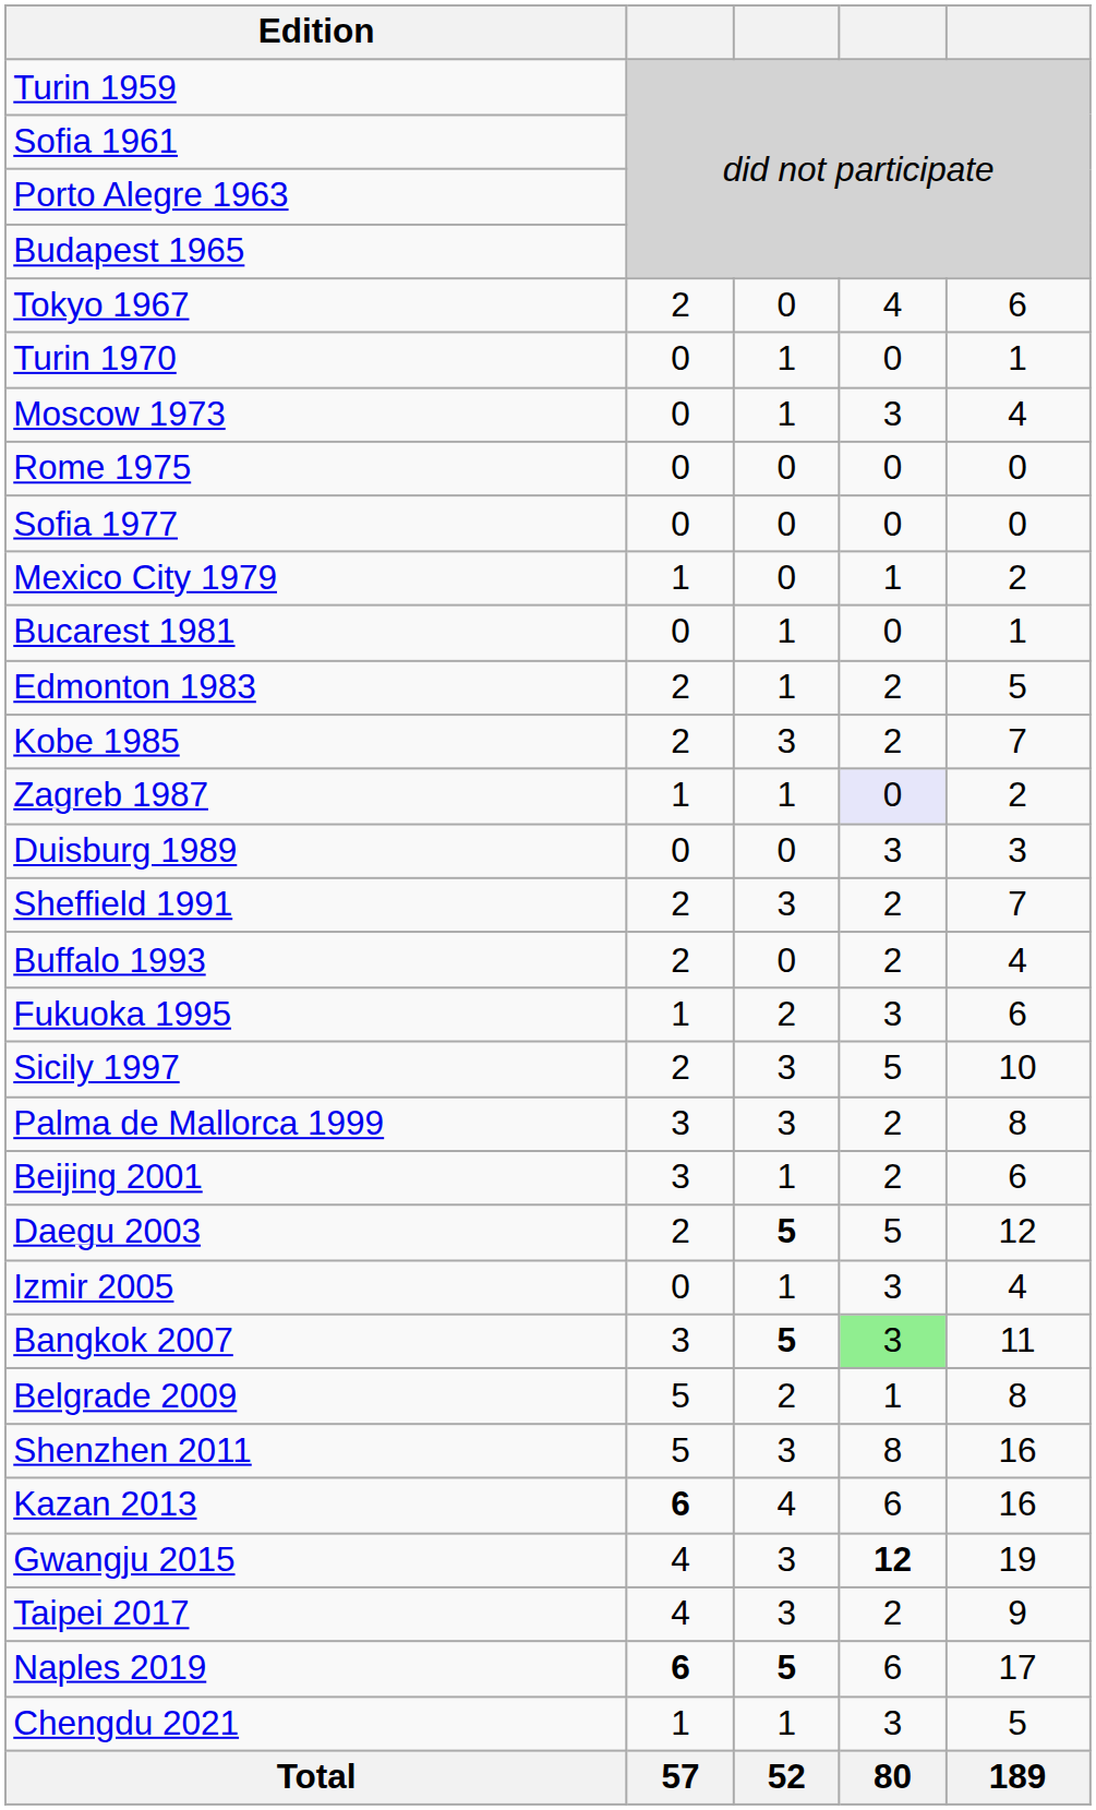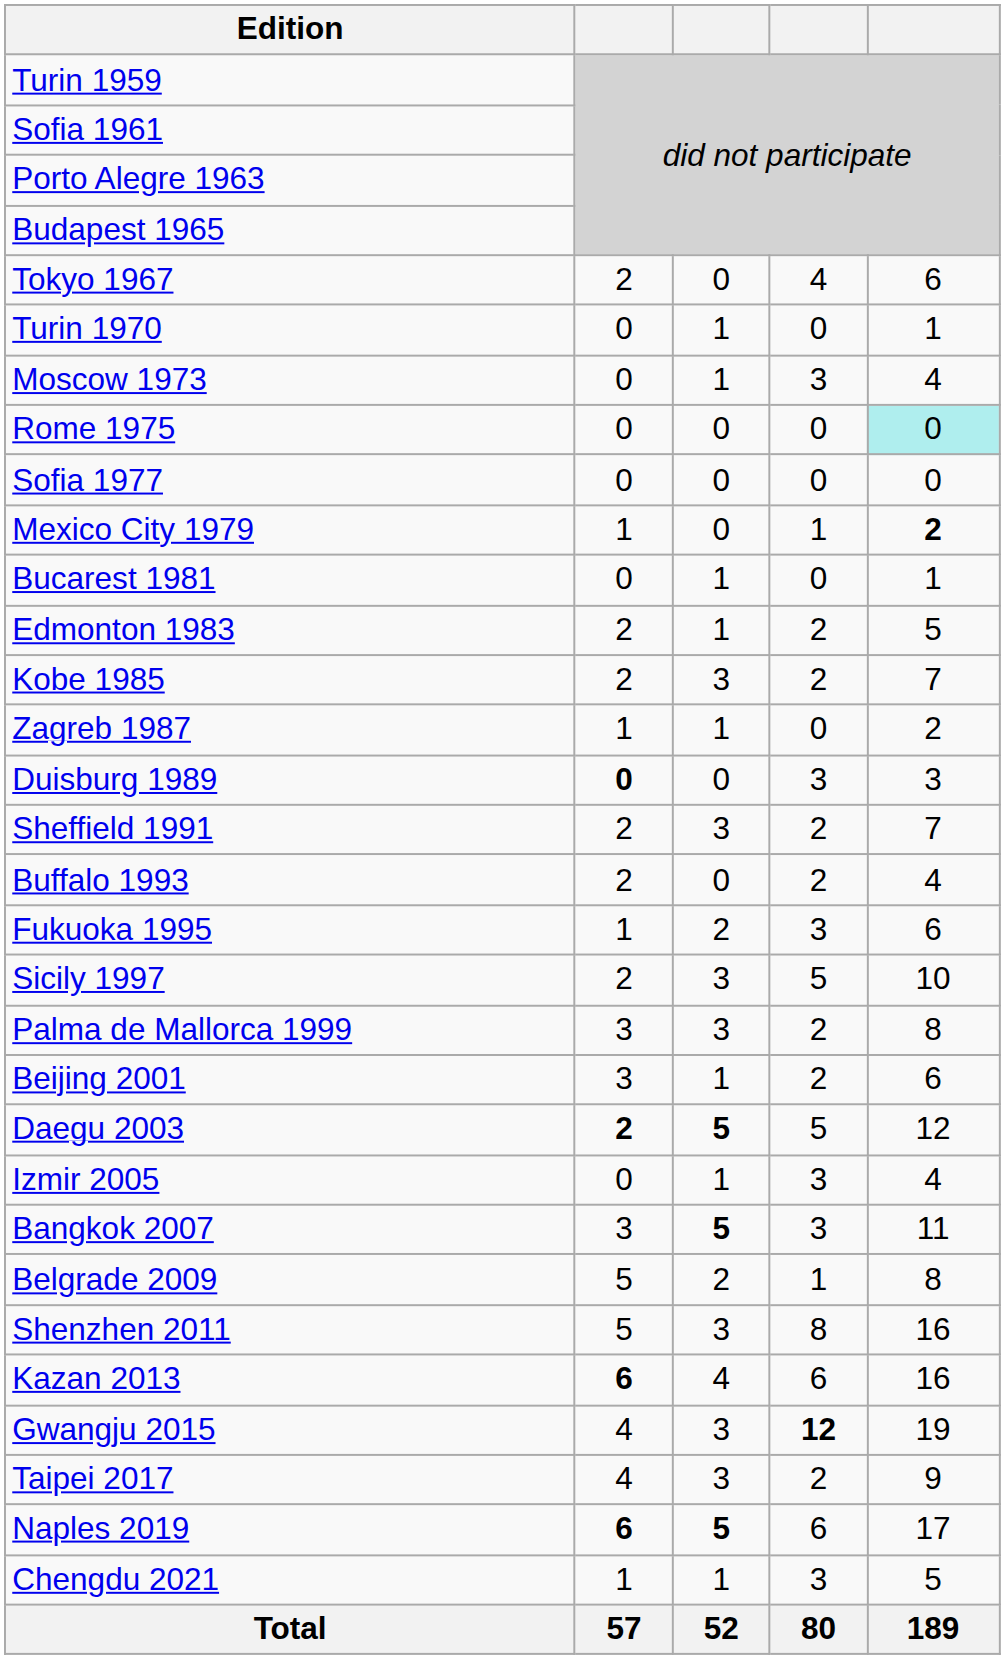 <table class="wikitable" width=40% style="font-size:100%; text-align:center;">
 <tr>
 <th>Edition</th>
 <th></th>
 <th></th>
 <th></th>
 <th></th>
 </tr>
 <tr>
 <td align=left> <a href='#'>Turin 1959</a></td>
 <td rowspan=4 colspan=4 bgcolor=lightgrey><em>did not participate</em></td>
 </tr>
 <tr>
 <td align=left> <a href='#'>Sofia 1961</a></td>
 </tr>
 <tr>
 <td align=left> <a href='#'>Porto Alegre 1963</a></td>
 </tr>
 <tr>
 <td align=left> <a href='#'>Budapest 1965</a></td>
 </tr>
 <tr>
 <td align=left> <a href='#'>Tokyo 1967</a></td>
 <td>2</td>
 <td>0</td>
 <td>4</td>
 <td>6</td>
 </tr>
 <tr>
 <td align=left> <a href='#'>Turin 1970</a></td>
 <td>0</td>
 <td>1</td>
 <td>0</td>
 <td>1</td>
 </tr>
 <tr>
 <td align=left> <a href='#'>Moscow 1973</a></td>
 <td>0</td>
 <td>1</td>
 <td>3</td>
 <td>4</td>
 </tr>
 <tr>
 <td align=left> <a href='#'>Rome 1975</a></td>
 <td>0</td>
 <td>0</td>
 <td>0</td>
-<td>0</td>
+<td style="background: paleturquoise;">0</td>
 </tr>
 <tr>
 <td align=left> <a href='#'>Sofia 1977</a></td>
 <td>0</td>
 <td>0</td>
 <td>0</td>
 <td>0</td>
 </tr>
 <tr>
 <td align=left> <a href='#'>Mexico City 1979</a></td>
 <td>1</td>
 <td>0</td>
 <td>1</td>
-<td>2</td>
+<td><strong>2</strong></td>
 </tr>
 <tr>
 <td align=left> <a href='#'>Bucarest 1981</a></td>
 <td>0</td>
 <td>1</td>
 <td>0</td>
 <td>1</td>
 </tr>
 <tr>
 <td align=left> <a href='#'>Edmonton 1983</a></td>
 <td>2</td>
 <td>1</td>
 <td>2</td>
 <td>5</td>
 </tr>
 <tr>
 <td align=left> <a href='#'>Kobe 1985</a></td>
 <td>2</td>
 <td>3</td>
 <td>2</td>
 <td>7</td>
 </tr>
 <tr>
 <td align=left> <a href='#'>Zagreb 1987</a></td>
 <td>1</td>
 <td>1</td>
-<td style="background: lavender;">0</td>
+<td>0</td>
 <td>2</td>
 </tr>
 <tr>
 <td align=left> <a href='#'>Duisburg 1989</a></td>
-<td>0</td>
+<td><strong>0</strong></td>
 <td>0</td>
 <td>3</td>
 <td>3</td>
 </tr>
 <tr>
 <td align=left> <a href='#'>Sheffield 1991</a></td>
 <td>2</td>
 <td>3</td>
 <td>2</td>
 <td>7</td>
 </tr>
 <tr>
 <td align=left> <a href='#'>Buffalo 1993</a></td>
 <td>2</td>
 <td>0</td>
 <td>2</td>
 <td>4</td>
 </tr>
 <tr>
 <td align=left> <a href='#'>Fukuoka 1995</a></td>
 <td>1</td>
 <td>2</td>
 <td>3</td>
 <td>6</td>
 </tr>
 <tr>
 <td align=left> <a href='#'>Sicily 1997</a></td>
 <td>2</td>
 <td>3</td>
 <td>5</td>
 <td>10</td>
 </tr>
 <tr>
 <td align=left> <a href='#'>Palma de Mallorca 1999</a></td>
 <td>3</td>
 <td>3</td>
 <td>2</td>
 <td>8</td>
 </tr>
 <tr>
 <td align=left> <a href='#'>Beijing 2001</a></td>
 <td>3</td>
 <td>1</td>
 <td>2</td>
 <td>6</td>
 </tr>
 <tr>
 <td align=left> <a href='#'>Daegu 2003</a></td>
-<td>2</td>
+<td><strong>2</strong></td>
 <td><strong>5</strong></td>
 <td>5</td>
 <td>12</td>
 </tr>
 <tr>
 <td align=left> <a href='#'>Izmir 2005</a></td>
 <td>0</td>
 <td>1</td>
 <td>3</td>
 <td>4</td>
 </tr>
 <tr>
 <td align=left> <a href='#'>Bangkok 2007</a></td>
 <td>3</td>
 <td><strong>5</strong></td>
-<td style="background: lightgreen;">3</td>
+<td>3</td>
 <td>11</td>
 </tr>
 <tr>
 <td align=left> <a href='#'>Belgrade 2009</a></td>
 <td>5</td>
 <td>2</td>
 <td>1</td>
 <td>8</td>
 </tr>
 <tr>
 <td align=left> <a href='#'>Shenzhen 2011</a></td>
 <td>5</td>
 <td>3</td>
 <td>8</td>
 <td>16</td>
 </tr>
 <tr>
 <td align=left> <a href='#'>Kazan 2013</a></td>
 <td><strong>6 </strong></td>
 <td>4</td>
 <td>6</td>
 <td>16</td>
 </tr>
 <tr>
 <td align=left> <a href='#'>Gwangju 2015</a></td>
 <td>4</td>
 <td>3</td>
 <td><strong>12</strong></td>
 <td>19</td>
 </tr>
 <tr>
 <td align=left> <a href='#'> Taipei 2017</a></td>
 <td>4</td>
 <td>3</td>
 <td>2</td>
 <td>9</td>
 </tr>
 <tr>
 <td align=left> <a href='#'>Naples 2019</a></td>
 <td><strong>6</strong></td>
 <td><strong>5</strong></td>
 <td>6</td>
 <td>17</td>
 </tr>
 <tr>
 <td align=left> <a href='#'>Chengdu 2021</a></td>
 <td>1</td>
 <td>1</td>
 <td>3</td>
 <td>5</td>
 </tr>
 <tr>
 <th align-right>Total</th>
 <th>57</th>
 <th>52</th>
 <th>80</th>
 <th>189</th>
 </tr>
 </table>
